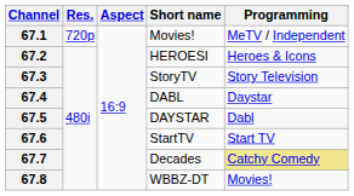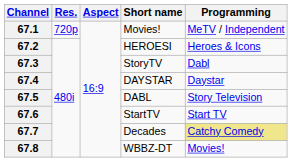 <table class="wikitable">
 <tr>
 <th scope = "col"><a href='#'>Channel</a></th>
 <th scope = "col"><a href='#'>Res.</a></th>
 <th scope = "col"><a href='#'>Aspect</a></th>
 <th scope = "col">Short name</th>
 <th scope = "col">Programming</th>
 </tr>
 <tr>
 <th scope = "row">67.1</th>
 <td><a href='#'>720p</a></td>
 <td rowspan=8><a href='#'>16:9</a></td>
 <td>Movies!</td>
 <td><a href='#'>MeTV</a> / <a href='#'>Independent</a></td>
 </tr>
 <tr>
 <th scope = "row">67.2</th>
 <td rowspan=7><a href='#'>480i</a></td>
 <td>HEROESI</td>
 <td><a href='#'>Heroes & Icons</a></td>
 </tr>
 <tr>
 <th scope = "row">67.3</th>
 <td>StoryTV</td>
-<td><a href='#'>Story Television</a></td>
+<td><a href='#'>Dabl</a></td>
 </tr>
 <tr>
 <th scope = "row">67.4</th>
-<td>DABL</td>
+<td>DAYSTAR</td>
 <td><a href='#'>Daystar</a></td>
 </tr>
 <tr>
 <th scope = "row">67.5</th>
-<td>DAYSTAR</td>
-<td><a href='#'>Dabl</a></td>
+<td>DABL</td>
+<td><a href='#'>Story Television</a></td>
 </tr>
 <tr>
 <th scope = "row">67.6</th>
 <td>StartTV</td>
 <td><a href='#'>Start TV</a></td>
 </tr>
 <tr>
 <th scope = "row">67.7</th>
 <td>Decades</td>
 <td style="background: khaki;"><a href='#'>Catchy Comedy</a></td>
 </tr>
 <tr>
 <th scope = "row">67.8</th>
 <td>WBBZ-DT</td>
 <td><a href='#'>Movies!</a></td>
 </tr>
 </table>
